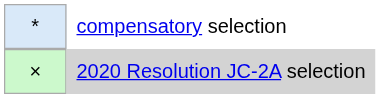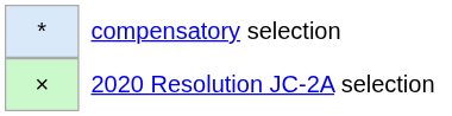 <table border=0 cellspacing="0" cellpadding="8">
 <tr>
 <td style="background:#d9e9f9; border:1px solid #aaa; width:2em; text-align:center;">*</td>
 <td><a href='#'>compensatory</a> selection</td>
 <td></td>
 </tr>
 <tr>
 <td style="background-color:#ccf9cc; border:1px solid #aaaaaa; width:2em;" align=center>×</td>
-<td style="background: lightgrey;"><a href='#'>2020 Resolution JC-2A</a> selection<br></td>
+<td><a href='#'>2020 Resolution JC-2A</a> selection<br></td>
 </tr>
 </table>
